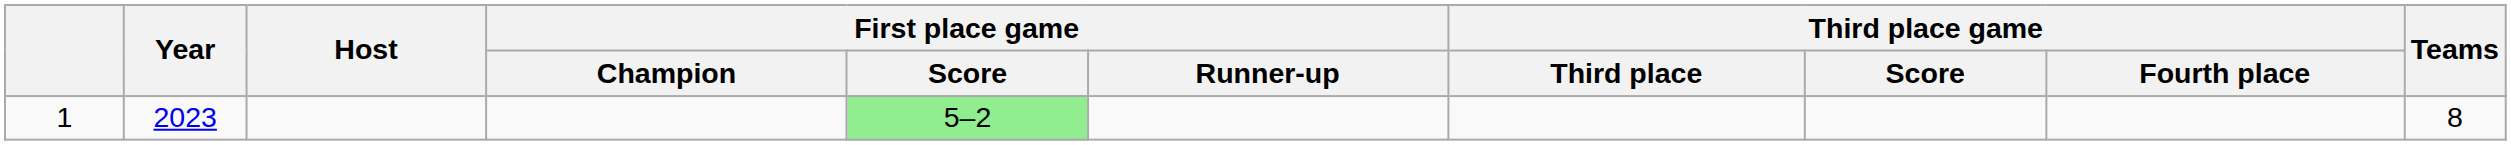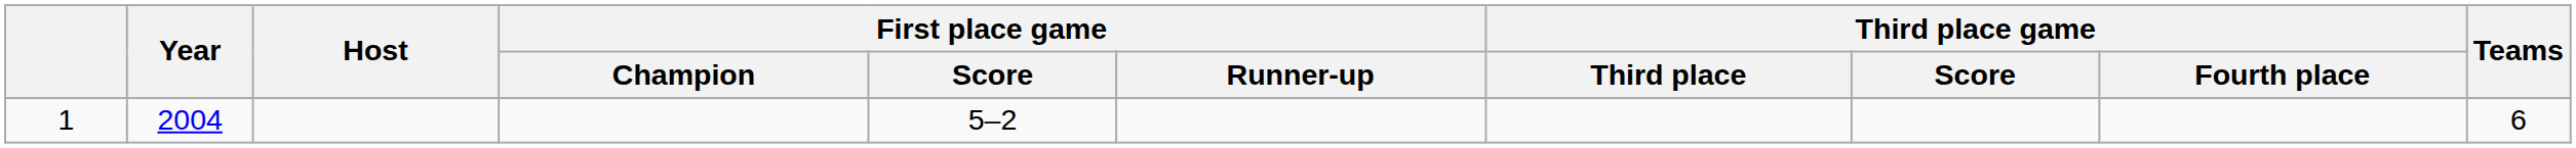 <table class="wikitable" style="font-size:90%; text-align:center; width:100%;">
 <tr>
 <th rowspan="2" style="width:5%;"></th>
 <th rowspan="2" style="width:5%;">Year</th>
 <th rowspan="2" style="width:10%;">Host</th>
 <th colspan="3">First place game</th>
 <th colspan="3">Third place game</th>
 <th rowspan="2" style="width:5%;">Teams</th>
 </tr>
 <tr>
 <th style="width:15%;"> Champion</th>
 <th style="width:10%;">Score</th>
 <th style="width:15%;"> Runner-up</th>
 <th style="width:15%;"> Third place</th>
 <th style="width:10%;">Score</th>
 <th style="width:15%;"> Fourth place</th>
 </tr>
 <tr>
 <td>1</td>
-<td><a href='#'>2023</a></td>
+<td><a href='#'>2004</a></td>
 <td style="text-align:left"></td>
 <td></td>
-<td style="background: lightgreen;">5–2</td>
+<td>5–2</td>
 <td></td>
 <td></td>
 <td></td>
 <td></td>
-<td>8</td>
+<td>6</td>
 </tr>
 </table>
